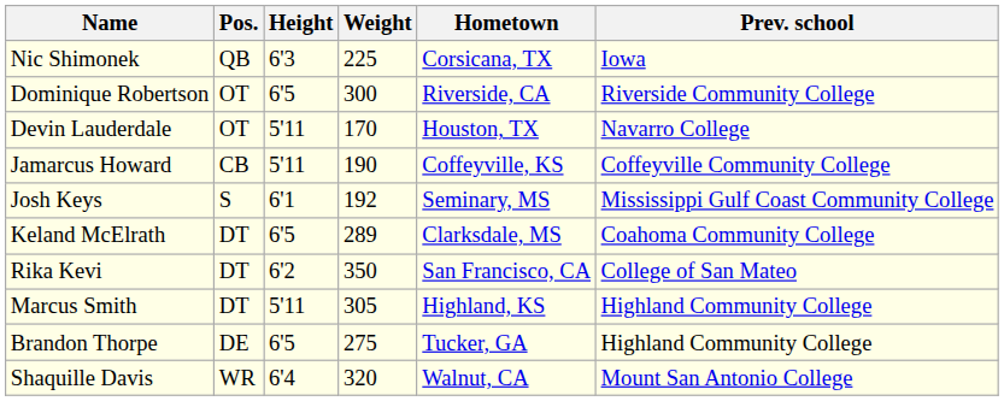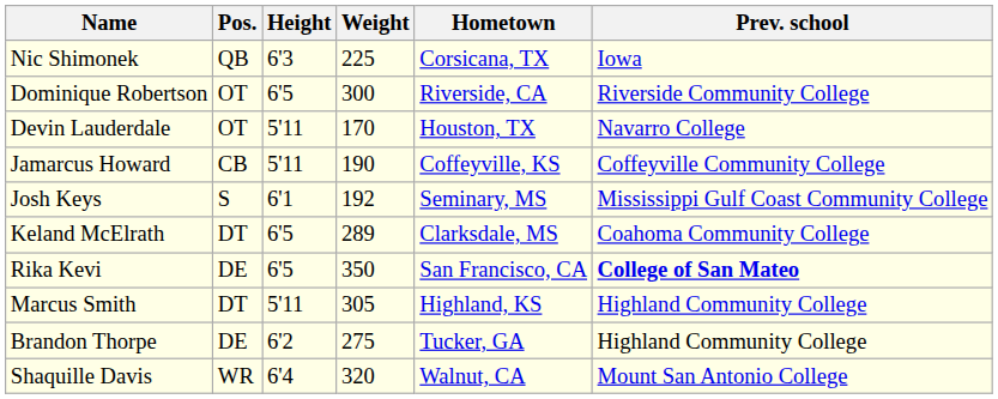 <table class="wikitable sortable">
 <tr>
 <th>Name</th>
 <th>Pos.</th>
 <th>Height</th>
 <th>Weight</th>
 <th>Hometown</th>
 <th class="unsortable">Prev. school</th>
 </tr>
 <tr style="background:#FFFFE6;">
 <td>Nic Shimonek</td>
 <td>QB</td>
 <td>6'3</td>
 <td>225</td>
 <td><a href='#'>Corsicana, TX</a></td>
 <td><a href='#'>Iowa</a></td>
 </tr>
 <tr style="background:#FFFFE6;">
 <td>Dominique Robertson</td>
 <td>OT</td>
 <td>6'5</td>
 <td>300</td>
 <td><a href='#'>Riverside, CA</a></td>
 <td><a href='#'>Riverside Community College</a></td>
 </tr>
 <tr style="background:#FFFFE6;">
 <td>Devin Lauderdale</td>
 <td>OT</td>
 <td>5'11</td>
 <td>170</td>
 <td><a href='#'>Houston, TX</a></td>
 <td><a href='#'>Navarro College</a></td>
 </tr>
 <tr style="background:#FFFFE6;">
 <td>Jamarcus Howard</td>
 <td>CB</td>
 <td>5'11</td>
 <td>190</td>
 <td><a href='#'>Coffeyville, KS</a></td>
 <td><a href='#'>Coffeyville Community College</a></td>
 </tr>
 <tr style="background:#FFFFE6;">
 <td>Josh Keys</td>
 <td>S</td>
 <td>6'1</td>
 <td>192</td>
 <td><a href='#'>Seminary, MS</a></td>
 <td><a href='#'>Mississippi Gulf Coast Community College</a></td>
 </tr>
 <tr style="background:#FFFFE6;">
 <td>Keland McElrath</td>
 <td>DT</td>
 <td>6'5</td>
 <td>289</td>
 <td><a href='#'>Clarksdale, MS</a></td>
 <td><a href='#'>Coahoma Community College</a></td>
 </tr>
 <tr style="background:#FFFFE6;">
 <td>Rika Kevi</td>
-<td>DT</td>
-<td>6'2</td>
+<td>DE</td>
+<td>6'5</td>
 <td>350</td>
 <td><a href='#'>San Francisco, CA</a></td>
-<td><a href='#'>College of San Mateo</a></td>
+<td><strong><a href='#'>College of San Mateo</a></strong></td>
 </tr>
 <tr style="background:#FFFFE6;">
 <td>Marcus Smith</td>
 <td>DT</td>
 <td>5'11</td>
 <td>305</td>
 <td><a href='#'>Highland, KS</a></td>
 <td><a href='#'>Highland Community College</a></td>
 </tr>
 <tr style="background:#FFFFE6;">
 <td>Brandon Thorpe</td>
 <td>DE</td>
-<td>6'5</td>
+<td>6'2</td>
 <td>275</td>
 <td><a href='#'>Tucker, GA</a></td>
 <td>Highland Community College</td>
 </tr>
 <tr style="background:#FFFFE6;">
 <td>Shaquille Davis</td>
 <td>WR</td>
 <td>6'4</td>
 <td>320</td>
 <td><a href='#'>Walnut, CA</a></td>
 <td><a href='#'>Mount San Antonio College</a></td>
 </tr>
 </table>
